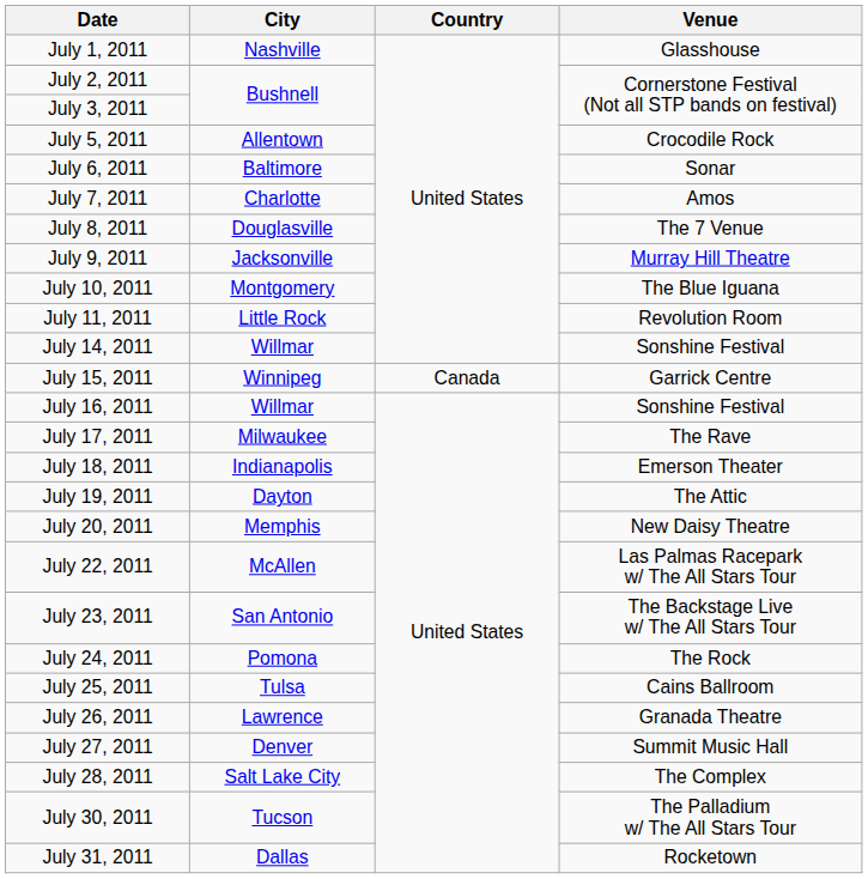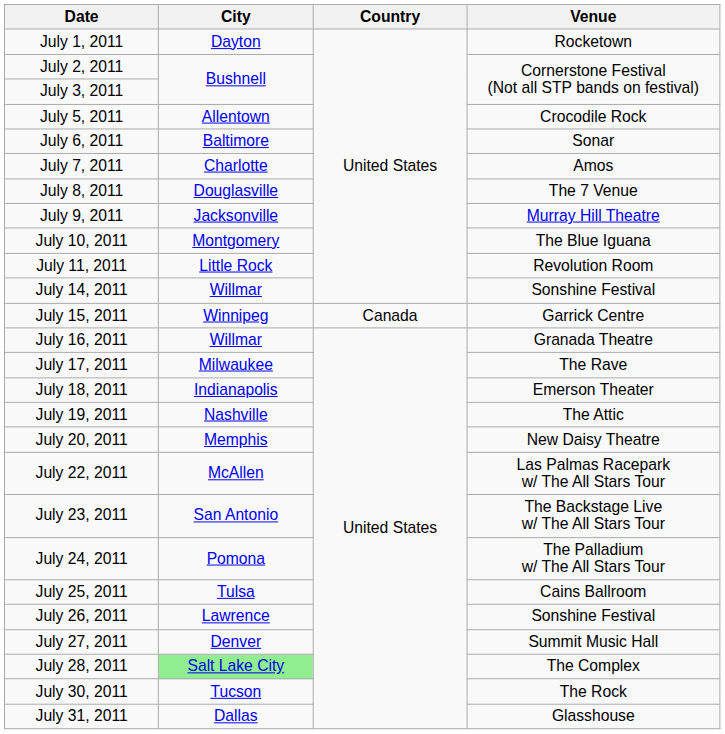 <table class="wikitable" style="text-align:center;">
 <tr>
 <th style="width:150px;">Date</th>
 <th style="width:150px;">City</th>
 <th style="width:150px;">Country</th>
 <th style="width:250px;">Venue</th>
 </tr>
 <tr>
 <td>July 1, 2011</td>
-<td><a href='#'>Nashville</a></td>
+<td><a href='#'>Dayton</a></td>
 <td rowspan="11">United States</td>
-<td>Glasshouse</td>
+<td>Rocketown</td>
 </tr>
 <tr>
 <td>July 2, 2011</td>
 <td rowspan="2"><a href='#'>Bushnell</a></td>
 <td rowspan="2">Cornerstone Festival<br>(Not all STP bands on festival)</td>
 </tr>
 <tr>
 <td>July 3, 2011</td>
 </tr>
 <tr>
 <td>July 5, 2011</td>
 <td><a href='#'>Allentown</a></td>
 <td>Crocodile Rock</td>
 </tr>
 <tr>
 <td>July 6, 2011</td>
 <td><a href='#'>Baltimore</a></td>
 <td>Sonar</td>
 </tr>
 <tr>
 <td>July 7, 2011</td>
 <td><a href='#'>Charlotte</a></td>
 <td>Amos</td>
 </tr>
 <tr>
 <td>July 8, 2011</td>
 <td><a href='#'>Douglasville</a></td>
 <td>The 7 Venue</td>
 </tr>
 <tr>
 <td>July 9, 2011</td>
 <td><a href='#'>Jacksonville</a></td>
 <td><a href='#'>Murray Hill Theatre</a></td>
 </tr>
 <tr>
 <td>July 10, 2011</td>
 <td><a href='#'>Montgomery</a></td>
 <td>The Blue Iguana</td>
 </tr>
 <tr>
 <td>July 11, 2011</td>
 <td><a href='#'>Little Rock</a></td>
 <td>Revolution Room</td>
 </tr>
 <tr>
 <td>July 14, 2011</td>
 <td><a href='#'>Willmar</a></td>
 <td>Sonshine Festival</td>
 </tr>
 <tr>
 <td>July 15, 2011</td>
 <td><a href='#'>Winnipeg</a></td>
 <td>Canada</td>
 <td>Garrick Centre</td>
 </tr>
 <tr>
 <td>July 16, 2011</td>
 <td><a href='#'>Willmar</a></td>
 <td rowspan="14">United States</td>
-<td>Sonshine Festival</td>
+<td>Granada Theatre</td>
 </tr>
 <tr>
 <td>July 17, 2011</td>
 <td><a href='#'>Milwaukee</a></td>
 <td>The Rave</td>
 </tr>
 <tr>
 <td>July 18, 2011</td>
 <td><a href='#'>Indianapolis</a></td>
 <td>Emerson Theater</td>
 </tr>
 <tr>
 <td>July 19, 2011</td>
-<td><a href='#'>Dayton</a></td>
+<td><a href='#'>Nashville</a></td>
 <td>The Attic</td>
 </tr>
 <tr>
 <td>July 20, 2011</td>
 <td><a href='#'>Memphis</a></td>
 <td>New Daisy Theatre</td>
 </tr>
 <tr>
 <td>July 22, 2011</td>
 <td><a href='#'>McAllen</a></td>
 <td>Las Palmas Racepark<br>w/ The All Stars Tour</td>
 </tr>
 <tr>
 <td>July 23, 2011</td>
 <td><a href='#'>San Antonio</a></td>
 <td>The Backstage Live<br>w/ The All Stars Tour</td>
 </tr>
 <tr>
 <td>July 24, 2011</td>
 <td><a href='#'>Pomona</a></td>
-<td>The Rock</td>
+<td>The Palladium<br>w/ The All Stars Tour</td>
 </tr>
 <tr>
 <td>July 25, 2011</td>
 <td><a href='#'>Tulsa</a></td>
 <td>Cains Ballroom</td>
 </tr>
 <tr>
 <td>July 26, 2011</td>
 <td><a href='#'>Lawrence</a></td>
-<td>Granada Theatre</td>
+<td>Sonshine Festival</td>
 </tr>
 <tr>
 <td>July 27, 2011</td>
 <td><a href='#'>Denver</a></td>
 <td>Summit Music Hall</td>
 </tr>
 <tr>
 <td>July 28, 2011</td>
-<td><a href='#'>Salt Lake City</a></td>
+<td style="background: lightgreen;"><a href='#'>Salt Lake City</a></td>
 <td>The Complex</td>
 </tr>
 <tr>
 <td>July 30, 2011</td>
 <td><a href='#'>Tucson</a></td>
-<td>The Palladium<br>w/ The All Stars Tour</td>
+<td>The Rock</td>
 </tr>
 <tr>
 <td>July 31, 2011</td>
 <td><a href='#'>Dallas</a></td>
-<td>Rocketown</td>
+<td>Glasshouse</td>
 </tr>
 </table>
